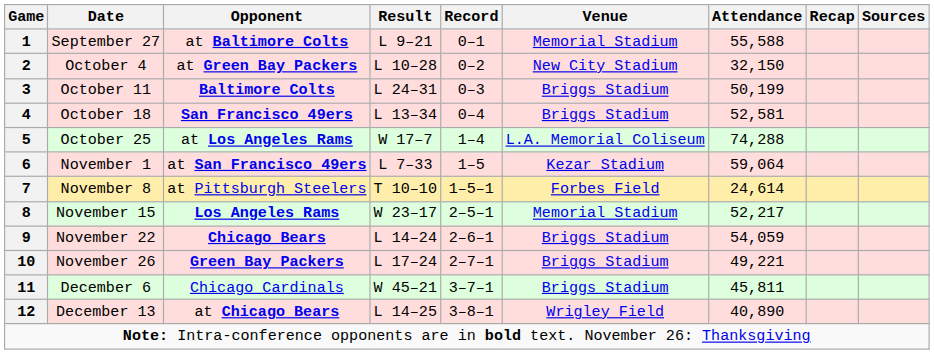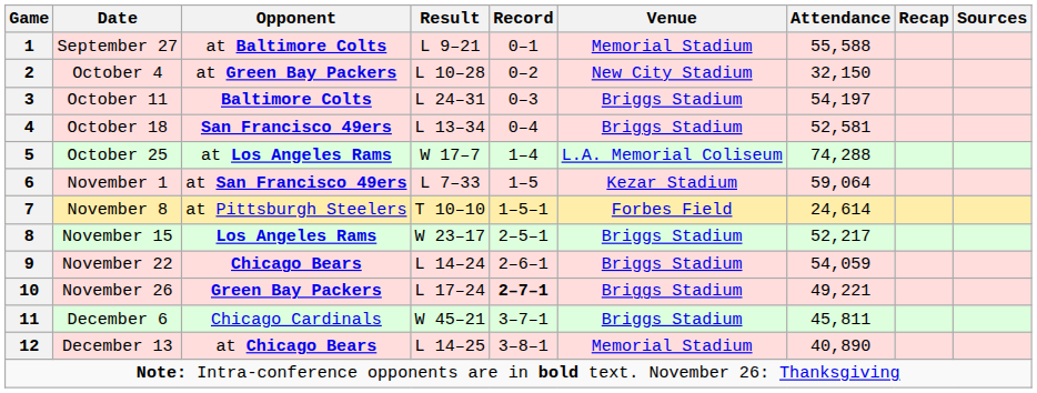 <table class="wikitable" style="text-align:center">
 <tr>
 <th>Game</th>
 <th>Date</th>
 <th>Opponent</th>
 <th>Result</th>
 <th>Record</th>
 <th>Venue</th>
 <th>Attendance</th>
 <th>Recap</th>
 <th>Sources</th>
 </tr>
 <tr style="background: #ffdddd;">
 <th>1</th>
 <td>September 27</td>
 <td>at <strong><a href='#'>Baltimore Colts</a></strong></td>
 <td>L 9–21</td>
 <td>0–1</td>
 <td><a href='#'>Memorial Stadium</a></td>
 <td>55,588</td>
 <td></td>
 <td></td>
 </tr>
 <tr style="background: #ffdddd;">
 <th>2</th>
 <td>October 4</td>
 <td>at <strong><a href='#'>Green Bay Packers</a></strong></td>
 <td>L 10–28</td>
 <td>0–2</td>
 <td><a href='#'>New City Stadium</a></td>
 <td>32,150</td>
 <td></td>
 <td></td>
 </tr>
 <tr style="background: #ffdddd;">
 <th>3</th>
 <td>October 11</td>
 <td><strong><a href='#'>Baltimore Colts</a></strong></td>
 <td>L 24–31</td>
 <td>0–3</td>
 <td><a href='#'>Briggs Stadium</a></td>
-<td>50,199</td>
+<td>54,197</td>
 <td></td>
 <td></td>
 </tr>
 <tr style="background: #ffdddd;">
 <th>4</th>
 <td>October 18</td>
 <td><strong><a href='#'>San Francisco 49ers</a></strong></td>
 <td>L 13–34</td>
 <td>0–4</td>
 <td><a href='#'>Briggs Stadium</a></td>
 <td>52,581</td>
 <td></td>
 <td></td>
 </tr>
 <tr style="background: #ddffdd;">
 <th>5</th>
 <td>October 25</td>
 <td>at <strong><a href='#'>Los Angeles Rams</a></strong></td>
 <td>W 17–7</td>
 <td>1–4</td>
 <td><a href='#'>L.A. Memorial Coliseum</a></td>
 <td>74,288</td>
 <td></td>
 <td></td>
 </tr>
 <tr style="background: #ffdddd;">
 <th>6</th>
 <td>November 1</td>
 <td>at <strong><a href='#'>San Francisco 49ers</a></strong></td>
 <td>L 7–33</td>
 <td>1–5</td>
 <td><a href='#'>Kezar Stadium</a></td>
 <td>59,064</td>
 <td></td>
 <td></td>
 </tr>
 <tr style="background: #ffeeaa;">
 <th>7</th>
 <td>November 8</td>
 <td>at <a href='#'>Pittsburgh Steelers</a></td>
 <td>T 10–10</td>
 <td>1–5–1</td>
 <td><a href='#'>Forbes Field</a></td>
 <td>24,614</td>
 <td></td>
 <td></td>
 </tr>
 <tr style="background: #ddffdd;">
 <th>8</th>
 <td>November 15</td>
 <td><strong><a href='#'>Los Angeles Rams</a></strong></td>
 <td>W 23–17</td>
 <td>2–5–1</td>
-<td><a href='#'>Memorial Stadium</a></td>
+<td><a href='#'>Briggs Stadium</a></td>
 <td>52,217</td>
 <td></td>
 <td></td>
 </tr>
 <tr style="background: #ffdddd;">
 <th>9</th>
 <td>November 22</td>
 <td><strong><a href='#'>Chicago Bears</a></strong></td>
 <td>L 14–24</td>
 <td>2–6–1</td>
 <td><a href='#'>Briggs Stadium</a></td>
 <td>54,059</td>
 <td></td>
 <td></td>
 </tr>
 <tr style="background: #ffdddd;">
 <th>10</th>
 <td>November 26</td>
 <td><strong><a href='#'>Green Bay Packers</a></strong></td>
 <td>L 17–24</td>
-<td>2–7–1</td>
+<td><strong>2–7–1</strong></td>
 <td><a href='#'>Briggs Stadium</a></td>
 <td>49,221</td>
 <td></td>
 <td></td>
 </tr>
 <tr style="background: #ddffdd;">
 <th>11</th>
 <td>December 6</td>
 <td><a href='#'>Chicago Cardinals</a></td>
 <td>W 45–21</td>
 <td>3–7–1</td>
 <td><a href='#'>Briggs Stadium</a></td>
 <td>45,811</td>
 <td></td>
 <td></td>
 </tr>
 <tr style="background: #ffdddd;">
 <th>12</th>
 <td>December 13</td>
 <td>at <strong><a href='#'>Chicago Bears</a></strong></td>
 <td>L 14–25</td>
 <td>3–8–1</td>
-<td><a href='#'>Wrigley Field</a></td>
+<td><a href='#'>Memorial Stadium</a></td>
 <td>40,890</td>
 <td></td>
 <td></td>
 </tr>
 <tr>
 <td colspan="10"><strong>Note:</strong> Intra-conference opponents are in <strong>bold</strong> text. November 26: <a href='#'>Thanksgiving</a></td>
 </tr>
 </table>
